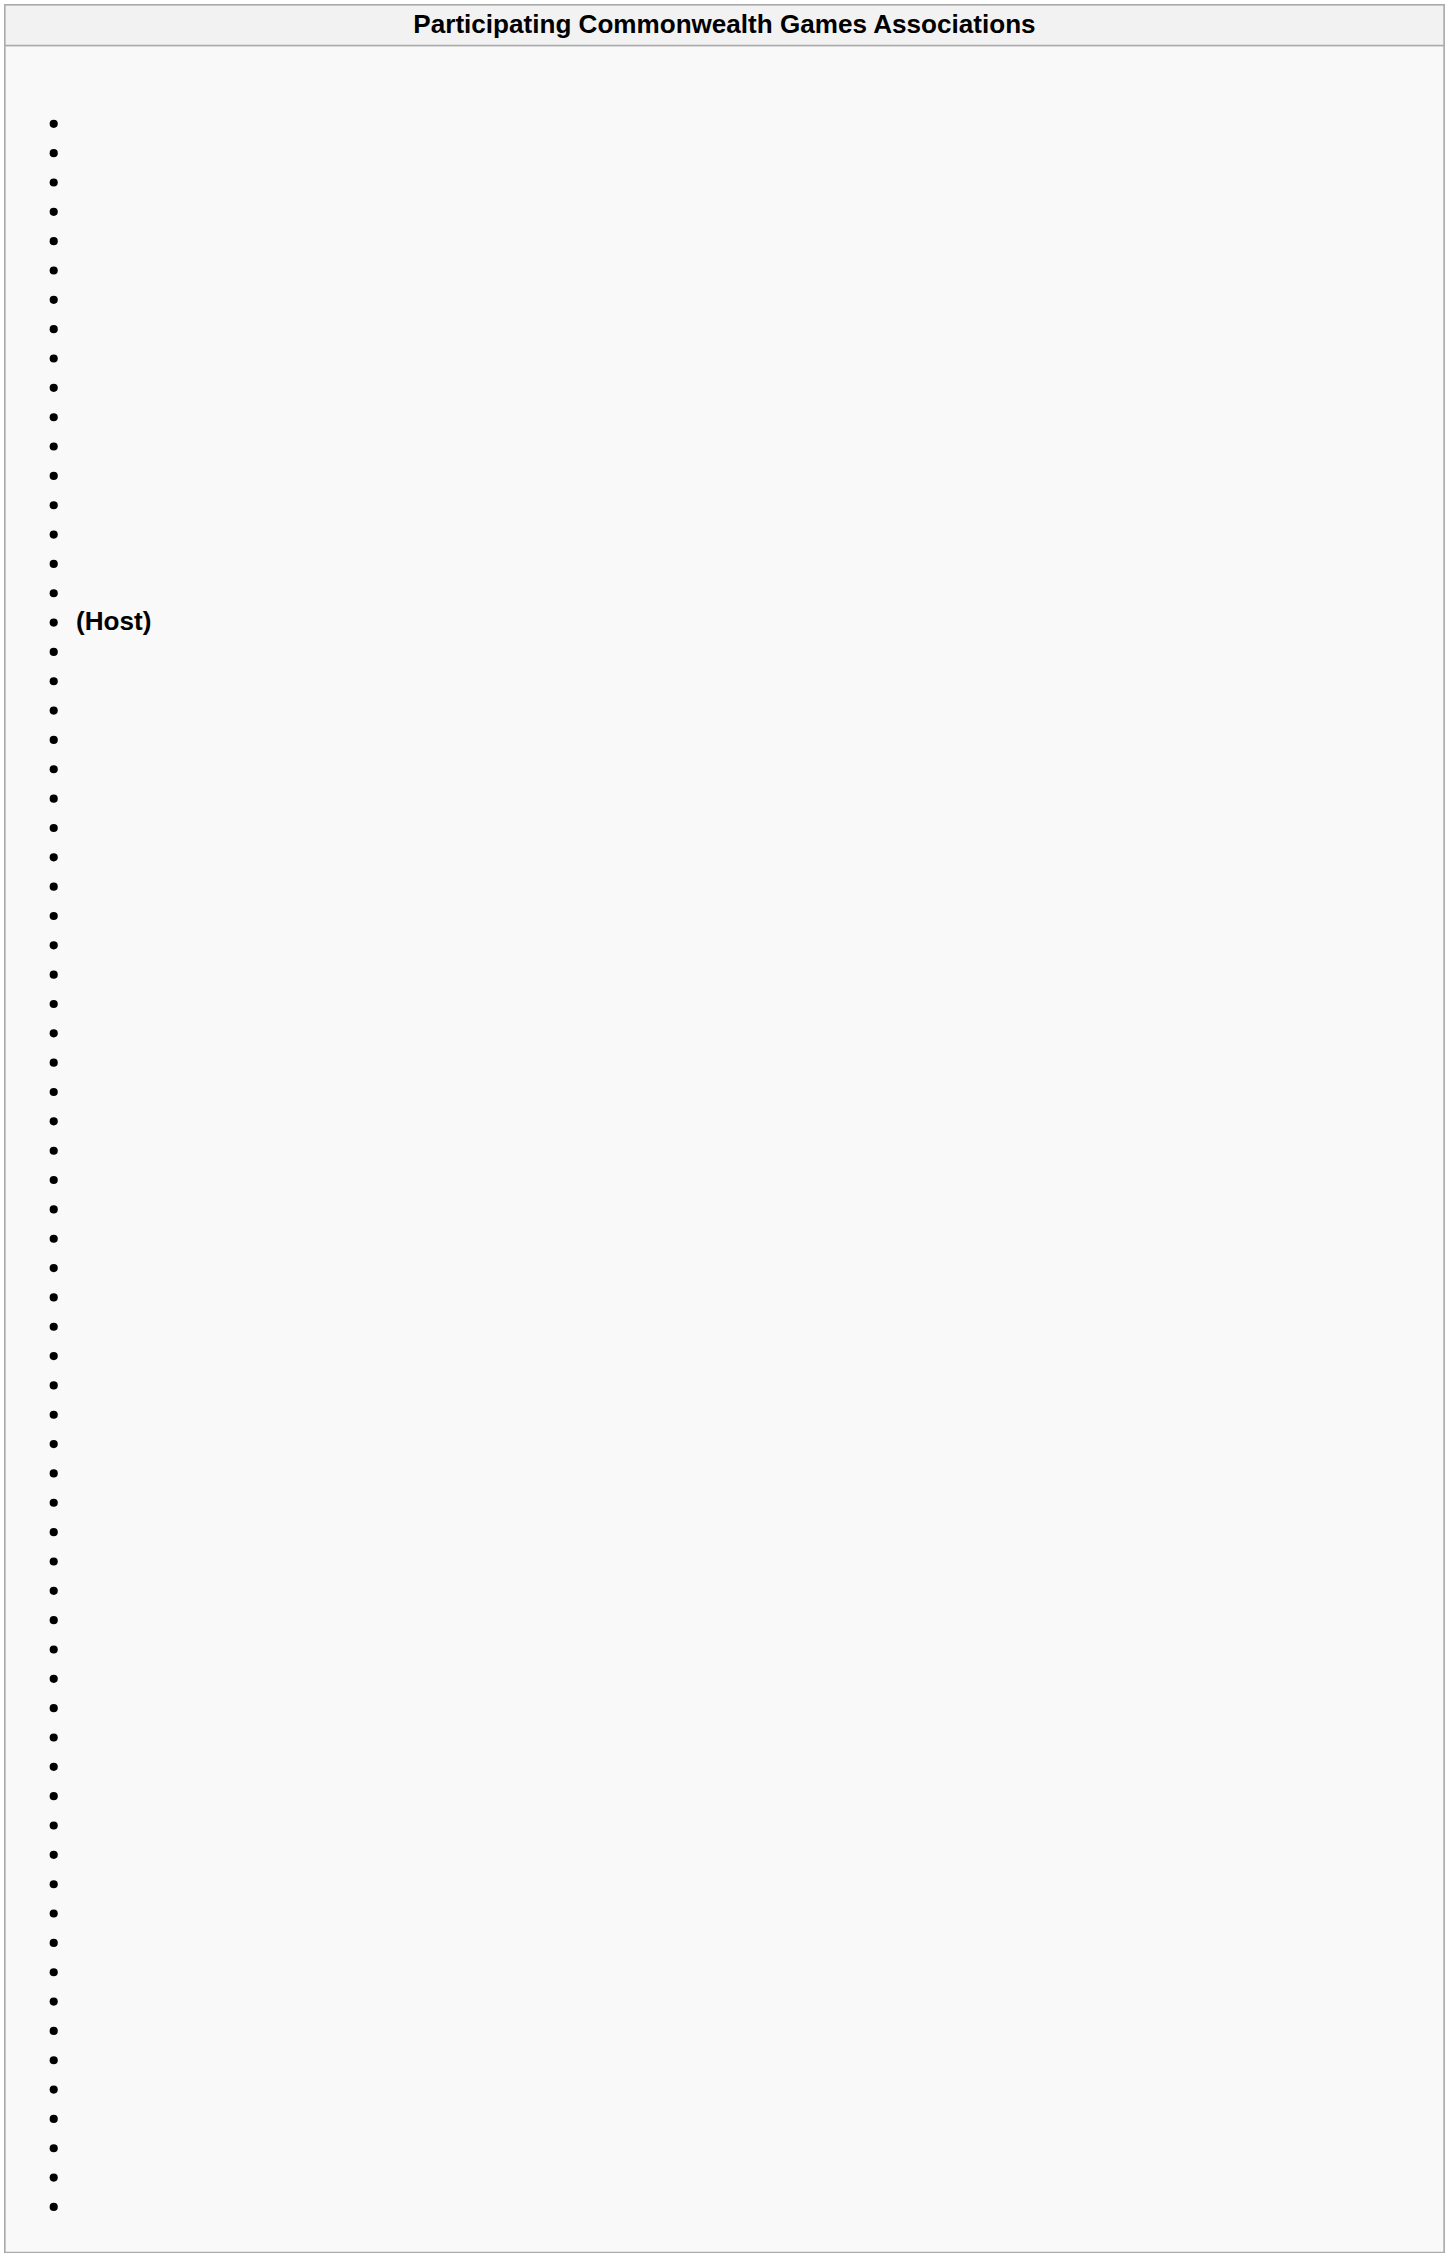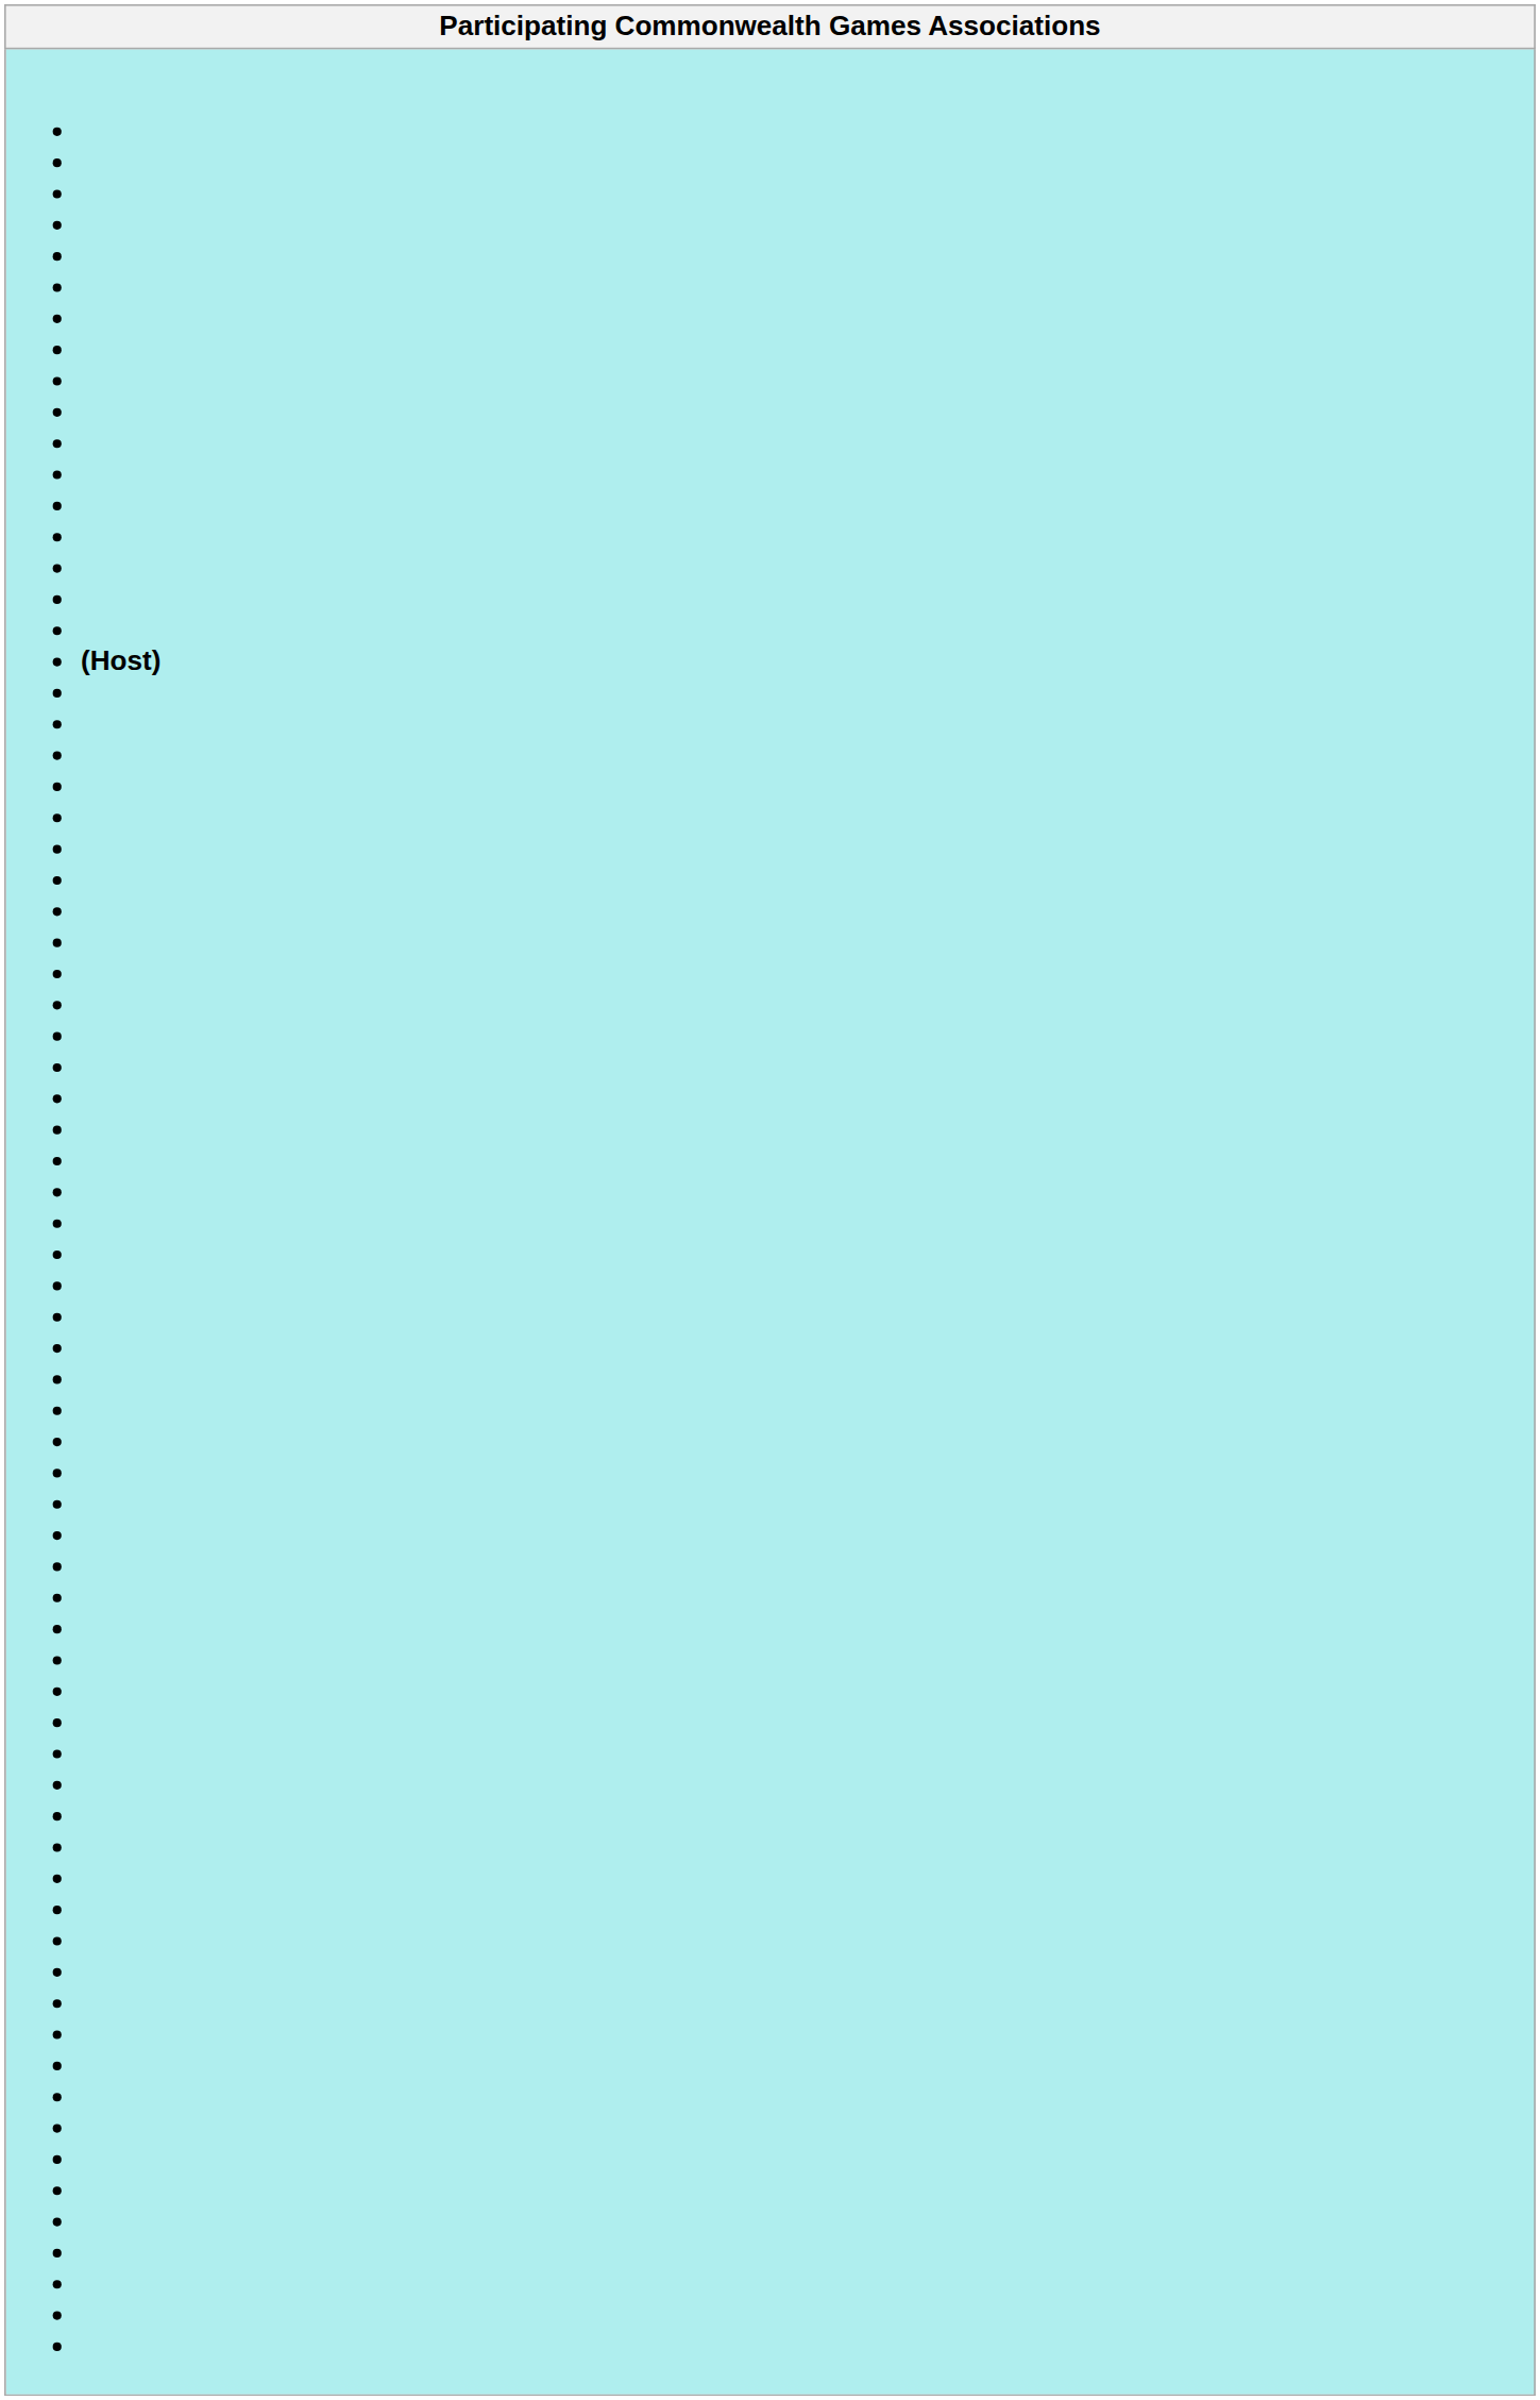 <table class="wikitable collapsible" style="width:100%;">
 <tr>
 <th>Participating Commonwealth Games Associations</th>
 </tr>
 <tr>
-<td><br><ul><li></li><li></li><li></li><li></li><li></li><li></li><li></li><li></li><li></li><li></li><li></li><li></li><li></li><li></li><li></li><li></li><li></li><li> <strong>(Host)</strong></li><li></li><li></li><li></li><li></li><li></li><li></li><li></li><li></li><li></li><li></li><li></li><li></li><li></li><li></li><li></li><li></li><li></li><li></li><li></li><li></li><li></li><li></li><li></li><li></li><li></li><li></li><li></li><li></li><li></li><li></li><li></li><li></li><li></li><li></li><li></li><li></li><li></li><li></li><li></li><li></li><li></li><li></li><li></li><li></li><li></li><li></li><li></li><li></li><li></li><li></li><li></li><li></li><li></li><li></li></ul></td>
+<td style="background: paleturquoise;"><br><ul><li></li><li></li><li></li><li></li><li></li><li></li><li></li><li></li><li></li><li></li><li></li><li></li><li></li><li></li><li></li><li></li><li></li><li> <strong>(Host)</strong></li><li></li><li></li><li></li><li></li><li></li><li></li><li></li><li></li><li></li><li></li><li></li><li></li><li></li><li></li><li></li><li></li><li></li><li></li><li></li><li></li><li></li><li></li><li></li><li></li><li></li><li></li><li></li><li></li><li></li><li></li><li></li><li></li><li></li><li></li><li></li><li></li><li></li><li></li><li></li><li></li><li></li><li></li><li></li><li></li><li></li><li></li><li></li><li></li><li></li><li></li><li></li><li></li><li></li><li></li></ul></td>
 </tr>
 </table>
